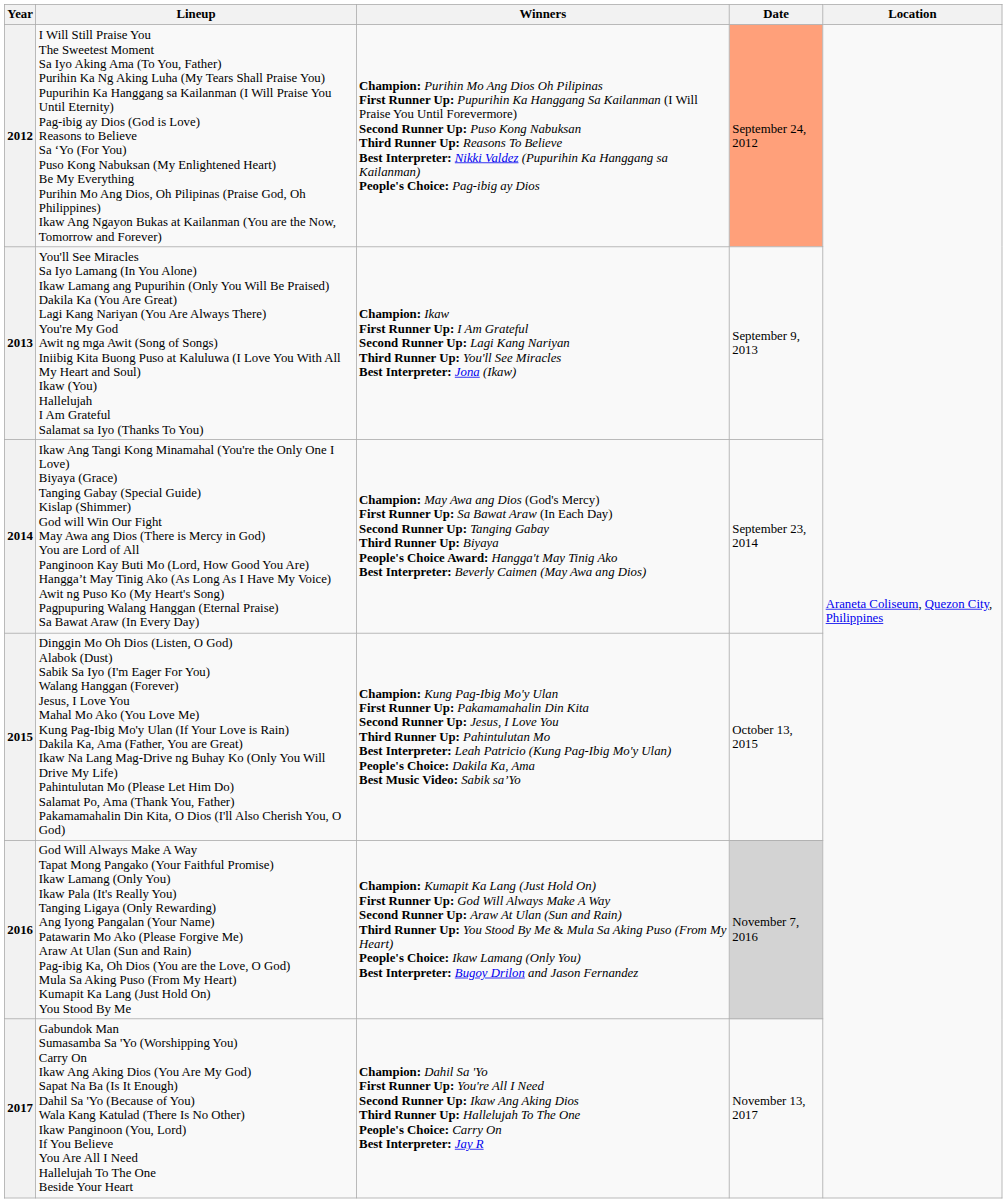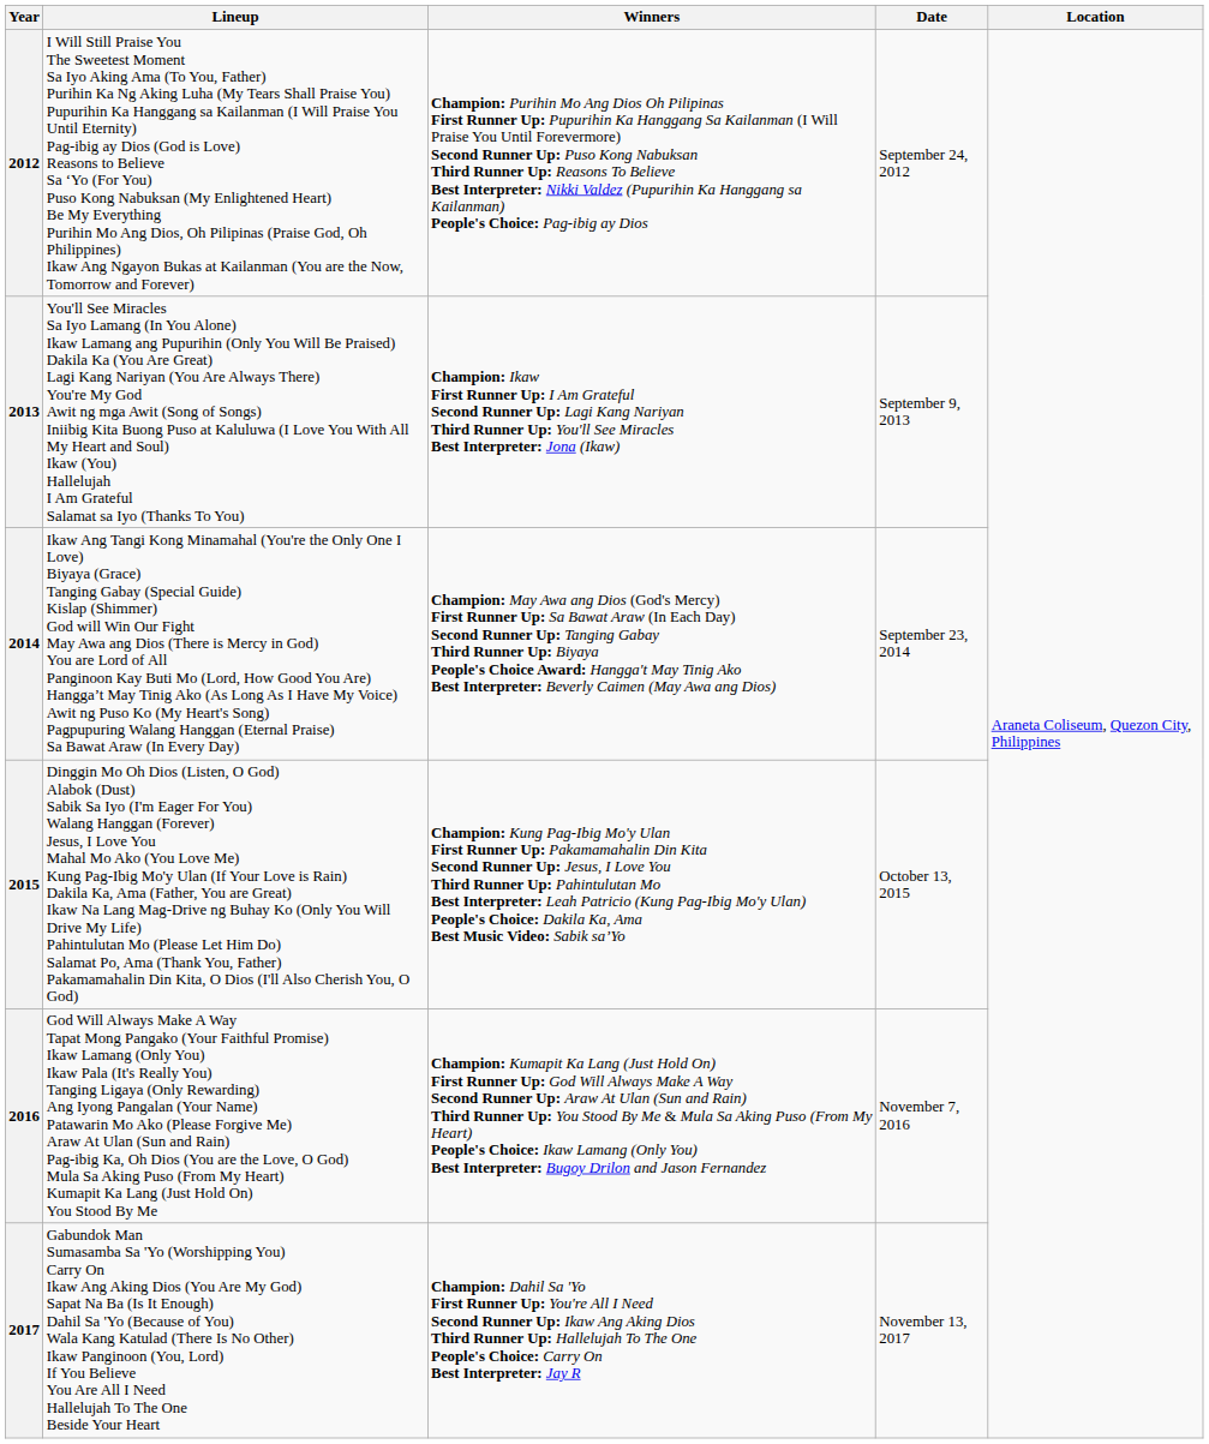 <table class=wikitable>
 <tr>
 <th>Year</th>
 <th>Lineup</th>
 <th>Winners</th>
 <th>Date</th>
 <th>Location</th>
 </tr>
 <tr>
 <th>2012</th>
 <td>I Will Still Praise You<br>The Sweetest Moment<br>Sa Iyo Aking Ama (To You, Father)<br>Purihin Ka Ng Aking Luha (My Tears Shall Praise You)<br>Pupurihin Ka Hanggang sa Kailanman (I Will Praise You Until Eternity)<br>Pag-ibig ay Dios (God is Love)<br>Reasons to Believe<br>Sa ‘Yo (For You)<br>Puso Kong Nabuksan (My Enlightened Heart) <br>Be My Everything<br>Purihin Mo Ang Dios, Oh Pilipinas (Praise God, Oh Philippines)<br>Ikaw Ang Ngayon Bukas at Kailanman (You are the Now, Tomorrow and Forever)</td>
 <td><strong>Champion:</strong> <em>Purihin Mo Ang Dios Oh Pilipinas </em><br><strong>First Runner Up:</strong> <em>Pupurihin Ka Hanggang Sa Kailanman</em> (I Will Praise You Until Forevermore)<br><strong>Second Runner Up:</strong> <em>Puso Kong Nabuksan</em><br><strong>Third Runner Up:</strong> <em>Reasons To Believe</em><br><strong>Best Interpreter:</strong> <em><a href='#'>Nikki Valdez</a> (Pupurihin Ka Hanggang sa Kailanman)</em><br><strong>People's Choice:</strong> <em>Pag-ibig ay Dios</em></td>
-<td style="background: lightsalmon;">September 24, 2012</td>
+<td>September 24, 2012</td>
 <td rowspan=6><a href='#'>Araneta Coliseum</a>, <a href='#'>Quezon City</a>, <a href='#'>Philippines</a></td>
 </tr>
 <tr>
 <th>2013</th>
 <td>You'll See Miracles<br>Sa Iyo Lamang (In You Alone)<br>Ikaw Lamang ang Pupurihin (Only You Will Be Praised)<br>Dakila Ka (You Are Great)<br>Lagi Kang Nariyan (You Are Always There)<br>You're My God<br>Awit ng mga Awit (Song of Songs)<br>Iniibig Kita Buong Puso at Kaluluwa (I Love You With All My Heart and Soul)<br>Ikaw (You)<br>Hallelujah<br>I Am Grateful<br>Salamat sa Iyo (Thanks To You)</td>
 <td><strong>Champion:</strong> <em>Ikaw</em><br><strong>First Runner Up:</strong> <em>I Am Grateful</em><br><strong>Second Runner Up:</strong> <em>Lagi Kang Nariyan</em><br><strong>Third Runner Up:</strong> <em>You'll See Miracles</em><br><strong>Best Interpreter:</strong> <em><a href='#'>Jona</a> (Ikaw)</em></td>
 <td>September 9, 2013</td>
 </tr>
 <tr>
 <th>2014</th>
 <td>Ikaw Ang Tangi Kong Minamahal (You're the Only One I Love)<br>Biyaya (Grace)<br>Tanging Gabay (Special Guide)<br>Kislap (Shimmer)<br>God will Win Our Fight<br>May Awa ang Dios (There is Mercy in God)<br>You are Lord of All<br>Panginoon Kay Buti Mo (Lord, How Good You Are)<br>Hangga’t May Tinig Ako (As Long As I Have My Voice)<br>Awit ng Puso Ko (My Heart's Song)<br>Pagpupuring Walang Hanggan (Eternal Praise)<br>Sa Bawat Araw (In Every Day)</td>
 <td><strong>Champion:</strong> <em>May Awa ang Dios</em> (God's Mercy)<br><strong>First Runner Up:</strong> <em>Sa Bawat Araw</em> (In Each Day)<br><strong>Second Runner Up:</strong> <em>Tanging Gabay</em><br><strong>Third Runner Up:</strong> <em>Biyaya</em><br><strong>People's Choice Award:</strong> <em>Hangga't May Tinig Ako</em><br><strong>Best Interpreter:</strong> <em>Beverly Caimen (May Awa ang Dios)</em></td>
 <td>September 23, 2014</td>
 </tr>
 <tr>
 <th>2015</th>
 <td>Dinggin Mo Oh Dios (Listen, O God)<br>Alabok (Dust)<br>Sabik Sa Iyo (I'm Eager For You)<br>Walang Hanggan (Forever)<br>Jesus, I Love You<br>Mahal Mo Ako (You Love Me)<br>Kung Pag-Ibig Mo'y Ulan (If Your Love is Rain)<br>Dakila Ka, Ama (Father, You are Great)<br>Ikaw Na Lang Mag-Drive ng Buhay Ko (Only You Will Drive My Life)<br>Pahintulutan Mo (Please Let Him Do)<br>Salamat Po, Ama (Thank You, Father)<br>Pakamamahalin Din Kita, O Dios (I'll Also Cherish You, O God)</td>
 <td><strong>Champion:</strong> <em>Kung Pag-Ibig Mo'y Ulan </em><br><strong>First Runner Up:</strong> <em>Pakamamahalin Din Kita</em><br><strong>Second Runner Up:</strong> <em>Jesus, I Love You</em><br><strong>Third Runner Up:</strong> <em>Pahintulutan Mo</em><br><strong>Best Interpreter:</strong> <em>Leah Patricio (Kung Pag-Ibig Mo'y Ulan)</em><br><strong>People's Choice:</strong> <em>Dakila Ka, Ama</em><br><strong>Best Music Video:</strong> <em>Sabik sa’Yo</em></td>
 <td>October 13, 2015</td>
 </tr>
 <tr>
 <th>2016</th>
 <td>God Will Always Make A Way<br>Tapat Mong Pangako (Your Faithful Promise)<br>Ikaw Lamang (Only You)<br>Ikaw Pala (It's Really You)<br>Tanging Ligaya (Only Rewarding)<br>Ang Iyong Pangalan (Your Name)<br>Patawarin Mo Ako (Please Forgive Me)<br>Araw At Ulan (Sun and Rain)<br>Pag-ibig Ka, Oh Dios (You are the Love, O God)<br>Mula Sa Aking Puso (From My Heart)<br>Kumapit Ka Lang (Just Hold On)<br>You Stood By Me</td>
 <td><strong>Champion:</strong> <em>Kumapit Ka Lang (Just Hold On)</em><br><strong>First Runner Up:</strong> <em>God Will Always Make A Way</em><br><strong>Second Runner Up:</strong> <em>Araw At Ulan (Sun and Rain)</em><br><strong>Third Runner Up:</strong> <em>You Stood By Me</em> & <em>Mula Sa Aking Puso (From My Heart)</em><br><strong>People's Choice:</strong> <em>Ikaw Lamang (Only You)</em><br><strong>Best Interpreter:</strong> <em><a href='#'>Bugoy Drilon</a> and Jason Fernandez</em></td>
-<td style="background: lightgrey;">November 7, 2016</td>
+<td>November 7, 2016</td>
 </tr>
 <tr>
 <th>2017</th>
 <td>Gabundok Man<br>Sumasamba Sa 'Yo (Worshipping You)<br>Carry On<br>Ikaw Ang Aking Dios (You Are My God)<br>Sapat Na Ba (Is It Enough)<br>Dahil Sa 'Yo (Because of You)<br>Wala Kang Katulad (There Is No Other)<br>Ikaw Panginoon (You, Lord)<br>If You Believe<br>You Are All I Need<br>Hallelujah To The One<br>Beside Your Heart</td>
 <td><strong>Champion:</strong> <em>Dahil Sa 'Yo</em><br><strong>First Runner Up:</strong> <em>You're All I Need</em><br><strong>Second Runner Up:</strong> <em>Ikaw Ang Aking Dios</em><br><strong>Third Runner Up:</strong> <em>Hallelujah To The One</em><br><strong>People's Choice:</strong> <em>Carry On</em><br><strong>Best Interpreter:</strong> <em><a href='#'>Jay R</a></em></td>
 <td>November 13, 2017</td>
 </tr>
 </table>
